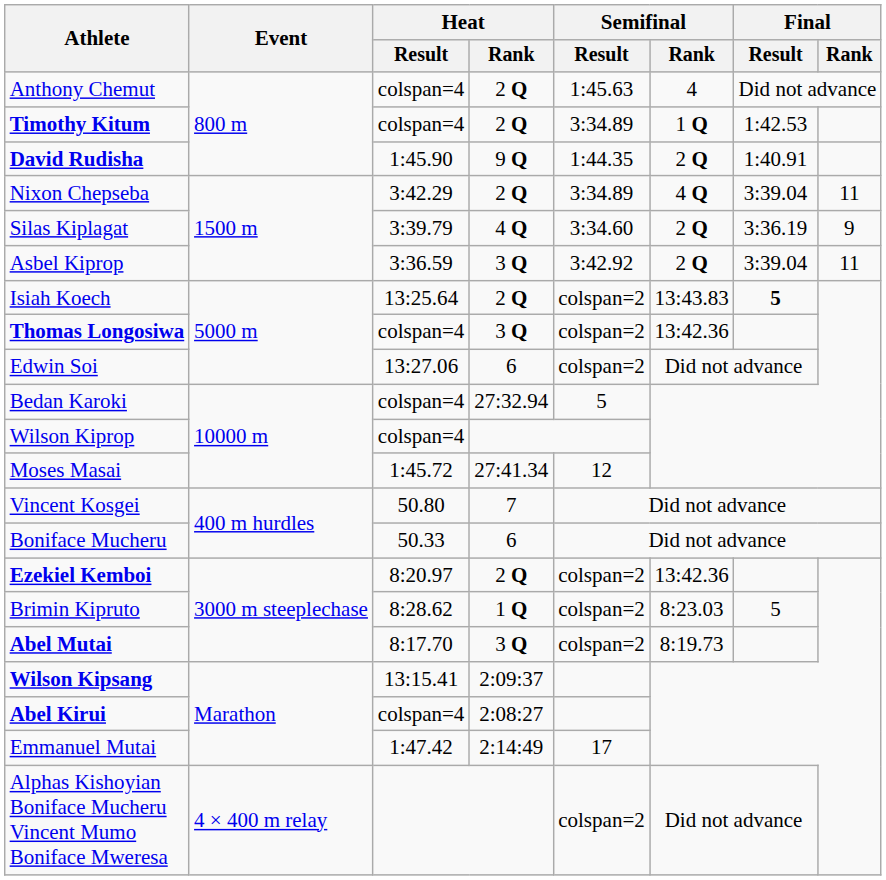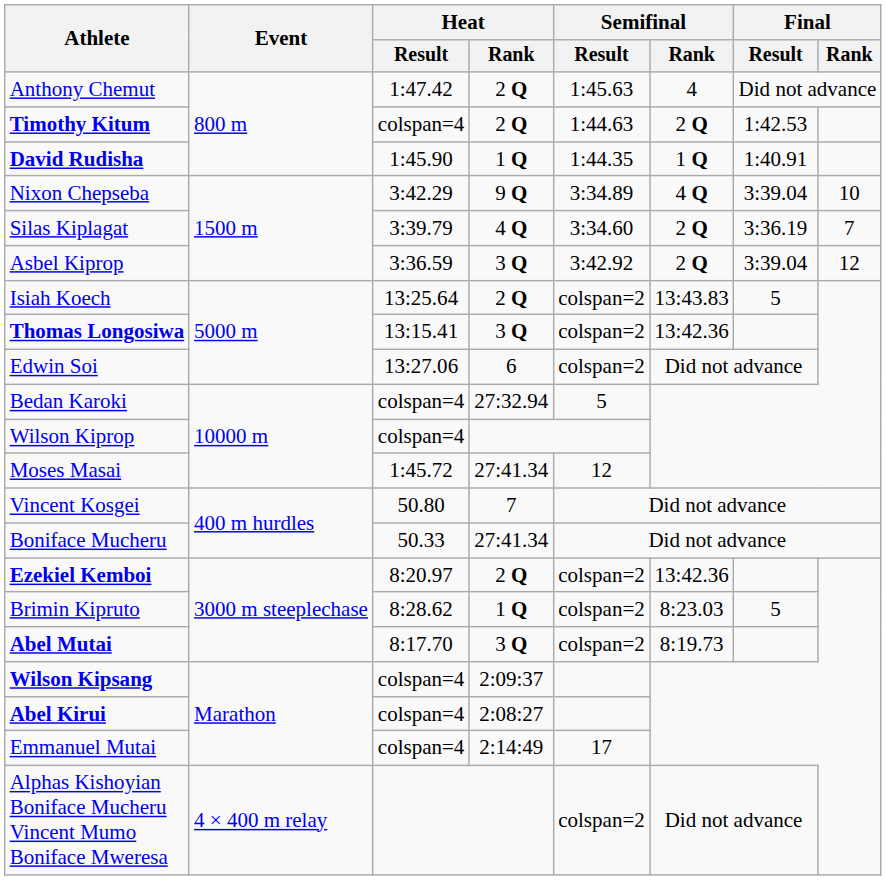 <table class="wikitable" style="font-size:90%">
 <tr>
 <th rowspan="2">Athlete</th>
 <th rowspan="2">Event</th>
 <th colspan="2">Heat</th>
 <th colspan="2">Semifinal</th>
 <th colspan="2">Final</th>
 </tr>
 <tr style="font-size:95%">
 <th>Result</th>
 <th>Rank</th>
 <th>Result</th>
 <th>Rank</th>
 <th>Result</th>
 <th>Rank</th>
 </tr>
 <tr align=center>
 <td align=left><a href='#'>Anthony Chemut</a></td>
 <td align=left rowspan=3><a href='#'>800 m</a></td>
-<td>colspan=4 </td>
+<td>1:47.42</td>
 <td>2 <strong>Q</strong></td>
 <td>1:45.63</td>
 <td>4</td>
 <td colspan=2>Did not advance</td>
 </tr>
 <tr align=center>
 <td align=left><strong><a href='#'>Timothy Kitum</a></strong></td>
 <td>colspan=4 </td>
 <td>2 <strong>Q</strong></td>
-<td>3:34.89</td>
-<td>1 <strong>Q</strong></td>
+<td>1:44.63</td>
+<td>2 <strong>Q</strong></td>
 <td>1:42.53</td>
 <td></td>
 </tr>
 <tr align=center>
 <td align=left><strong><a href='#'>David Rudisha</a></strong></td>
 <td>1:45.90</td>
-<td>9 <strong>Q</strong></td>
+<td>1 <strong>Q</strong></td>
 <td>1:44.35</td>
-<td>2 <strong>Q</strong></td>
+<td>1 <strong>Q</strong></td>
 <td>1:40.91 </td>
 <td></td>
 </tr>
 <tr align=center>
 <td align=left><a href='#'>Nixon Chepseba</a></td>
 <td align=left rowspan=3><a href='#'>1500 m</a></td>
 <td>3:42.29</td>
-<td>2 <strong>Q</strong></td>
+<td>9 <strong>Q</strong></td>
 <td>3:34.89</td>
 <td>4 <strong>Q</strong></td>
 <td>3:39.04</td>
-<td>11</td>
+<td>10</td>
 </tr>
 <tr align=center>
 <td align=left><a href='#'>Silas Kiplagat</a></td>
 <td>3:39.79</td>
 <td>4 <strong>Q</strong></td>
 <td>3:34.60</td>
 <td>2 <strong>Q</strong></td>
 <td>3:36.19</td>
-<td>9</td>
+<td>7</td>
 </tr>
 <tr align=center>
 <td align=left><a href='#'>Asbel Kiprop</a></td>
 <td>3:36.59</td>
 <td>3 <strong>Q</strong></td>
 <td>3:42.92</td>
 <td>2 <strong>Q</strong></td>
 <td>3:39.04</td>
-<td>11</td>
+<td>12</td>
 </tr>
 <tr align=center>
 <td align=left><a href='#'>Isiah Koech</a></td>
 <td align=left rowspan=3><a href='#'>5000 m</a></td>
 <td>13:25.64</td>
 <td>2 <strong>Q</strong></td>
 <td>colspan=2 </td>
 <td>13:43.83</td>
-<td><strong>5</strong></td>
+<td>5</td>
 </tr>
 <tr align=center>
 <td align=left><strong><a href='#'>Thomas Longosiwa</a></strong></td>
-<td>colspan=4 </td>
+<td>13:15.41</td>
 <td>3 <strong>Q</strong></td>
 <td>colspan=2 </td>
 <td>13:42.36</td>
 <td></td>
 </tr>
 <tr align=center>
 <td align=left><a href='#'>Edwin Soi</a></td>
 <td>13:27.06</td>
 <td>6</td>
 <td>colspan=2 </td>
 <td colspan=2>Did not advance</td>
 </tr>
 <tr align=center>
 <td align=left><a href='#'>Bedan Karoki</a></td>
 <td align=left rowspan=3><a href='#'>10000 m</a></td>
 <td>colspan=4 </td>
 <td>27:32.94</td>
 <td>5</td>
 </tr>
 <tr align=center>
 <td align=left><a href='#'>Wilson Kiprop</a></td>
 <td>colspan=4 </td>
 <td colspan=2></td>
 </tr>
 <tr align=center>
 <td align=left><a href='#'>Moses Masai</a></td>
 <td>1:45.72</td>
 <td>27:41.34</td>
 <td>12</td>
 </tr>
 <tr align=center>
 <td align=left><a href='#'>Vincent Kosgei</a></td>
 <td align=left rowspan=2><a href='#'>400 m hurdles</a></td>
 <td>50.80</td>
 <td>7</td>
 <td colspan=4>Did not advance</td>
 </tr>
 <tr align=center>
 <td align=left><a href='#'>Boniface Mucheru</a></td>
 <td>50.33</td>
-<td>6</td>
+<td>27:41.34</td>
 <td colspan=4>Did not advance</td>
 </tr>
 <tr align=center>
 <td align=left><strong><a href='#'>Ezekiel Kemboi</a></strong></td>
 <td align=left rowspan=3><a href='#'>3000 m steeplechase</a></td>
 <td>8:20.97</td>
 <td>2 <strong>Q</strong></td>
 <td>colspan=2 </td>
 <td>13:42.36</td>
 <td></td>
 </tr>
 <tr align=center>
 <td align=left><a href='#'>Brimin Kipruto</a></td>
 <td>8:28.62</td>
 <td>1 <strong>Q</strong></td>
 <td>colspan=2 </td>
 <td>8:23.03</td>
 <td>5</td>
 </tr>
 <tr align=center>
 <td align=left><strong><a href='#'>Abel Mutai</a></strong></td>
 <td>8:17.70</td>
 <td>3 <strong>Q</strong></td>
 <td>colspan=2 </td>
 <td>8:19.73</td>
 <td></td>
 </tr>
 <tr align=center>
 <td align=left><strong><a href='#'>Wilson Kipsang</a></strong></td>
 <td align=left rowspan=3><a href='#'>Marathon</a></td>
-<td>13:15.41</td>
+<td>colspan=4 </td>
 <td>2:09:37</td>
 <td></td>
 </tr>
 <tr align=center>
 <td align=left><strong><a href='#'>Abel Kirui</a></strong></td>
 <td>colspan=4 </td>
 <td>2:08:27</td>
 <td></td>
 </tr>
 <tr align=center>
 <td align=left><a href='#'>Emmanuel Mutai</a></td>
-<td>1:47.42</td>
+<td>colspan=4 </td>
 <td>2:14:49</td>
 <td>17</td>
 </tr>
 <tr align=center>
 <td align=left><a href='#'>Alphas Kishoyian</a><br><a href='#'>Boniface Mucheru</a><br><a href='#'>Vincent Mumo</a><br><a href='#'>Boniface Mweresa</a></td>
 <td align=left><a href='#'>4 × 400 m relay</a></td>
 <td colspan=2></td>
 <td>colspan=2 </td>
 <td colspan=2>Did not advance</td>
 </tr>
 </table>
